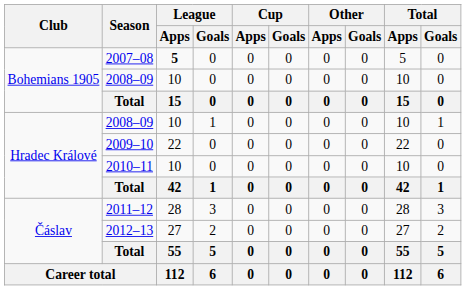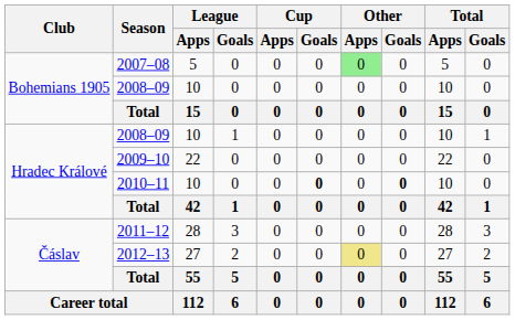 <table class="wikitable" style="text-align:center">
 <tr>
 <th rowspan="2">Club</th>
 <th rowspan="2">Season</th>
 <th colspan="2">League</th>
 <th colspan="2">Cup</th>
 <th colspan="2">Other</th>
 <th colspan="2">Total</th>
 </tr>
 <tr>
 <th>Apps</th>
 <th>Goals</th>
 <th>Apps</th>
 <th>Goals</th>
 <th>Apps</th>
 <th>Goals</th>
 <th>Apps</th>
 <th>Goals</th>
 </tr>
 <tr>
 <td rowspan="3"><a href='#'>Bohemians 1905</a></td>
 <td><a href='#'>2007–08</a></td>
-<td><strong>5</strong></td>
+<td>5</td>
 <td>0</td>
 <td>0</td>
 <td>0</td>
-<td>0</td>
+<td style="background: lightgreen;">0</td>
 <td>0</td>
 <td>5</td>
 <td>0</td>
 </tr>
 <tr>
 <td><a href='#'>2008–09</a></td>
 <td>10</td>
 <td>0</td>
 <td>0</td>
 <td>0</td>
 <td>0</td>
 <td>0</td>
 <td>10</td>
 <td>0</td>
 </tr>
 <tr>
 <th>Total</th>
 <th>15</th>
 <th>0</th>
 <th>0</th>
 <th>0</th>
 <th>0</th>
 <th>0</th>
 <th>15</th>
 <th>0</th>
 </tr>
 <tr>
 <td rowspan="4"><a href='#'>Hradec Králové</a></td>
 <td><a href='#'>2008–09</a></td>
 <td>10</td>
 <td>1</td>
 <td>0</td>
 <td>0</td>
 <td>0</td>
 <td>0</td>
 <td>10</td>
 <td>1</td>
 </tr>
 <tr>
 <td><a href='#'>2009–10</a></td>
 <td>22</td>
 <td>0</td>
 <td>0</td>
 <td>0</td>
 <td>0</td>
 <td>0</td>
 <td>22</td>
 <td>0</td>
 </tr>
 <tr>
 <td><a href='#'>2010–11</a></td>
 <td>10</td>
 <td>0</td>
 <td>0</td>
+<td><strong>0</strong></td>
 <td>0</td>
-<td>0</td>
-<td>0</td>
+<td><strong>0</strong></td>
 <td>10</td>
 <td>0</td>
 </tr>
 <tr>
 <th>Total</th>
 <th>42</th>
 <th>1</th>
 <th>0</th>
 <th>0</th>
 <th>0</th>
 <th>0</th>
 <th>42</th>
 <th>1</th>
 </tr>
 <tr>
 <td rowspan="3"><a href='#'>Čáslav</a></td>
 <td><a href='#'>2011–12</a></td>
 <td>28</td>
 <td>3</td>
 <td>0</td>
 <td>0</td>
 <td>0</td>
 <td>0</td>
 <td>28</td>
 <td>3</td>
 </tr>
 <tr>
 <td><a href='#'>2012–13</a></td>
 <td>27</td>
 <td>2</td>
 <td>0</td>
 <td>0</td>
-<td>0</td>
+<td style="background: khaki;">0</td>
 <td>0</td>
 <td>27</td>
 <td>2</td>
 </tr>
 <tr>
 <th>Total</th>
 <th>55</th>
 <th>5</th>
 <th>0</th>
 <th>0</th>
 <th>0</th>
 <th>0</th>
 <th>55</th>
 <th>5</th>
 </tr>
 <tr>
 <th colspan="2">Career total</th>
 <th>112</th>
 <th>6</th>
 <th>0</th>
 <th>0</th>
 <th>0</th>
 <th>0</th>
 <th>112</th>
 <th>6</th>
 </tr>
 </table>
